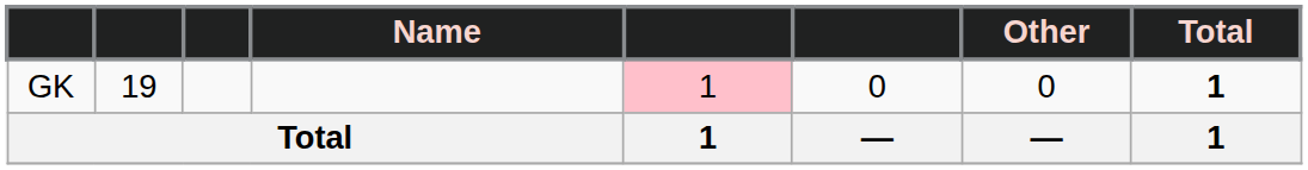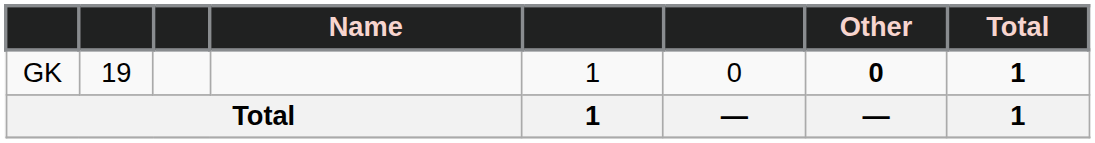 <table class="wikitable sortable" style="text-align:center;">
 <tr>
 <th style="background:#202121; color:#F7D5CF; border:2px solid #898C8F; width:35px;" scope="col"></th>
 <th style="background:#202121; color:#F7D5CF; border:2px solid #898C8F; width:35px;" scope="col"></th>
 <th style="background:#202121; color:#F7D5CF; border:2px solid #898C8F; width:25px;" scope="col"></th>
 <th style="background:#202121; color:#F7D5CF; border:2px solid #898C8F; width:175px;" scope="col">Name</th>
 <th style="background:#202121; color:#F7D5CF; border:2px solid #898C8F; width:75px;" scope="col"></th>
 <th style="background:#202121; color:#F7D5CF; border:2px solid #898C8F; width:75px;" scope="col"></th>
 <th style="background:#202121; color:#F7D5CF; border:2px solid #898C8F; width:75px;" scope="col">Other</th>
 <th style="background:#202121; color:#F7D5CF; border:2px solid #898C8F; width:75px;" scope="col">Total</th>
 </tr>
 <tr>
 <td>GK</td>
 <td>19</td>
 <td></td>
 <td></td>
-<td style="background: pink;">1</td>
+<td>1</td>
 <td>0</td>
-<td>0</td>
+<td><strong>0</strong></td>
 <td><strong>1</strong></td>
 </tr>
 <tr>
 <th colspan="4" scope="row">Total</th>
 <th>1</th>
 <th>—</th>
 <th>—</th>
 <th>1</th>
 </tr>
 <tr>
 </tr>
 </table>
